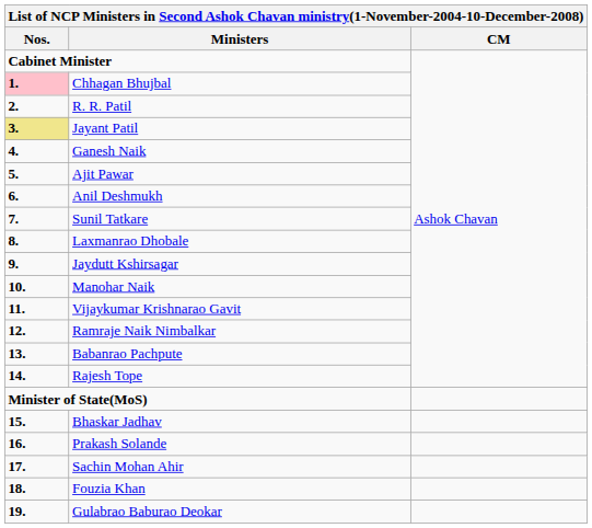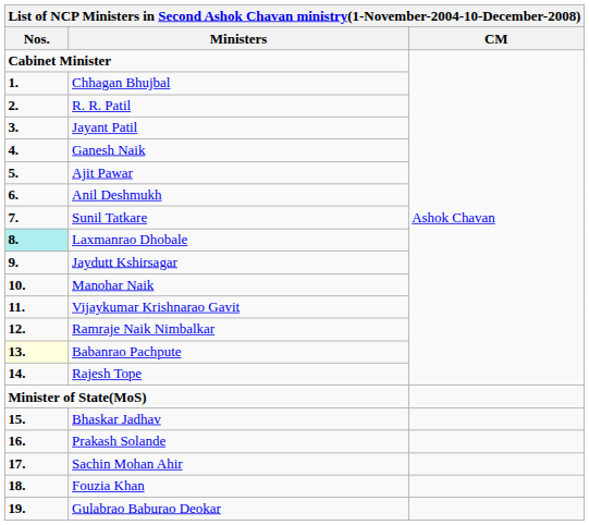 <table class="wikitable">
 <tr>
 <th colspan="3">List of NCP Ministers in <a href='#'>Second Ashok Chavan ministry</a>(1-November-2004-10-December-2008)</th>
 </tr>
 <tr>
 <th>Nos.</th>
 <th>Ministers</th>
 <th>CM</th>
 </tr>
 <tr>
 <td colspan="2"><strong>Cabinet Minister</strong></td>
 <td rowspan="15"><a href='#'>Ashok Chavan</a></td>
 </tr>
 <tr>
-<td style="background: pink;"><strong>1.</strong></td>
+<td><strong>1.</strong></td>
 <td><a href='#'>Chhagan Bhujbal</a></td>
 </tr>
 <tr>
 <td><strong>2.</strong></td>
 <td><a href='#'>R. R. Patil</a></td>
 </tr>
 <tr>
-<td style="background: khaki;"><strong>3.</strong></td>
+<td><strong>3.</strong></td>
 <td><a href='#'>Jayant Patil</a></td>
 </tr>
 <tr>
 <td><strong>4.</strong></td>
 <td><a href='#'>Ganesh Naik</a></td>
 </tr>
 <tr>
 <td><strong>5.</strong></td>
 <td><a href='#'>Ajit Pawar</a></td>
 </tr>
 <tr>
 <td><strong>6.</strong></td>
 <td><a href='#'>Anil Deshmukh</a></td>
 </tr>
 <tr>
 <td><strong>7.</strong></td>
 <td><a href='#'>Sunil Tatkare</a></td>
 </tr>
 <tr>
-<td><strong>8.</strong></td>
+<td style="background: paleturquoise;"><strong>8.</strong></td>
 <td><a href='#'>Laxmanrao Dhobale</a></td>
 </tr>
 <tr>
 <td><strong>9.</strong></td>
 <td><a href='#'>Jaydutt Kshirsagar</a></td>
 </tr>
 <tr>
 <td><strong>10.</strong></td>
 <td><a href='#'>Manohar Naik</a></td>
 </tr>
 <tr>
 <td><strong>11.</strong></td>
 <td><a href='#'>Vijaykumar Krishnarao Gavit</a></td>
 </tr>
 <tr>
 <td><strong>12.</strong></td>
 <td><a href='#'>Ramraje Naik Nimbalkar</a></td>
 </tr>
 <tr>
-<td><strong>13.</strong></td>
+<td style="background: lightyellow;"><strong>13.</strong></td>
 <td><a href='#'>Babanrao Pachpute</a></td>
 </tr>
 <tr>
 <td><strong>14.</strong></td>
 <td><a href='#'>Rajesh Tope</a></td>
 </tr>
 <tr>
 <td colspan="2"><strong>Minister of State(MoS)</strong></td>
 <td></td>
 </tr>
 <tr>
 <td><strong>15.</strong></td>
 <td><a href='#'>Bhaskar Jadhav</a></td>
 <td></td>
 </tr>
 <tr>
 <td><strong>16.</strong></td>
 <td><a href='#'>Prakash Solande</a></td>
 <td></td>
 </tr>
 <tr>
 <td><strong>17.</strong></td>
 <td><a href='#'>Sachin Mohan Ahir</a></td>
 <td></td>
 </tr>
 <tr>
 <td><strong>18.</strong></td>
 <td><a href='#'>Fouzia Khan</a></td>
 <td></td>
 </tr>
 <tr>
 <td><strong>19.</strong></td>
 <td><a href='#'>Gulabrao Baburao Deokar</a></td>
 <td></td>
 </tr>
 </table>
